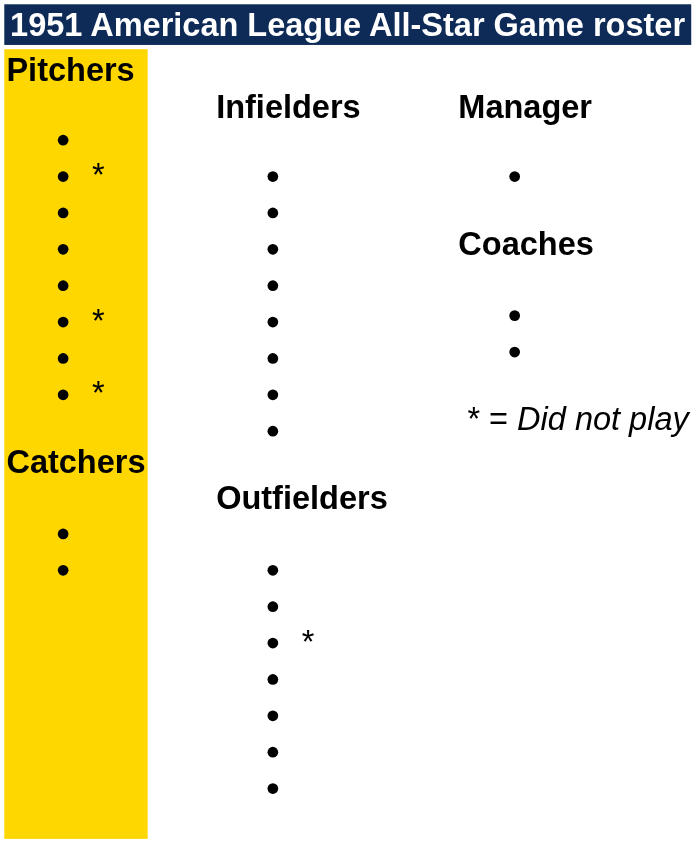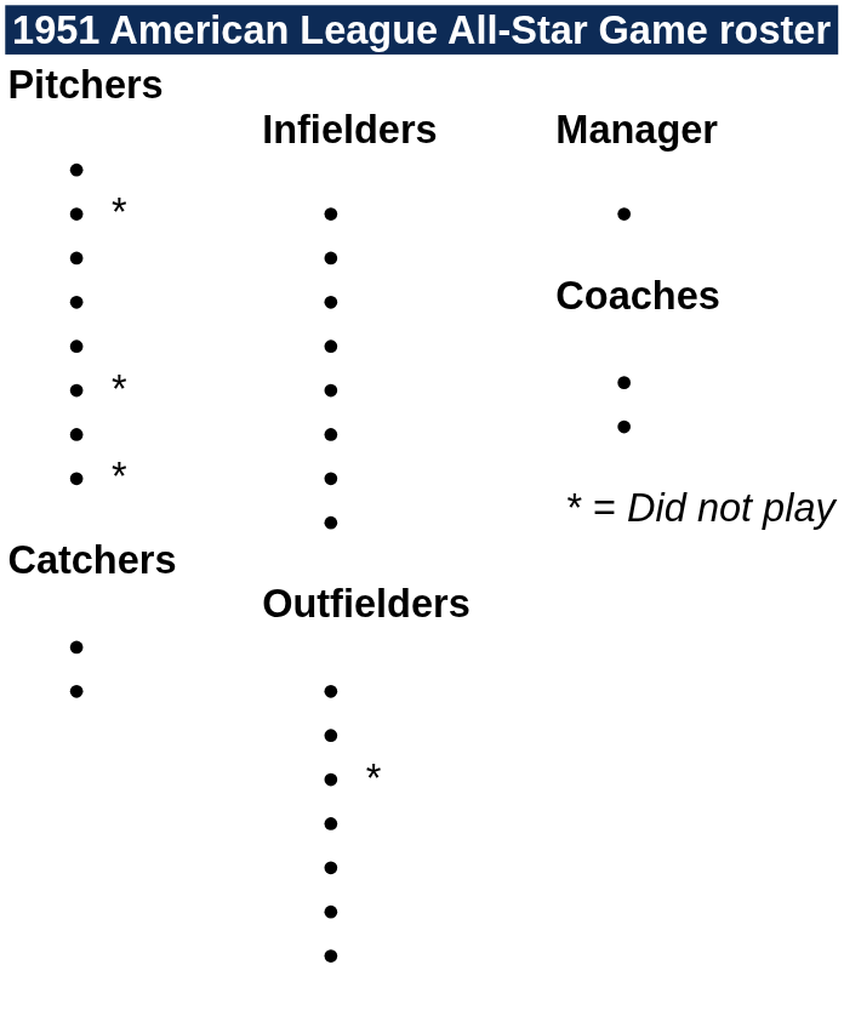 <table class="toccolours" style="font-size: 95%;">
 <tr>
 <th colspan=10 style="background-color:  #0d2b56; color: #FFFFFF; text-align: center;">1951 American League All-Star Game roster</th>
 </tr>
 <tr>
-<td valign="top" style="background: gold;"><strong>Pitchers</strong><br><ul><li></li><li> *</li><li></li><li></li><li></li><li> *</li><li></li><li> *</li></ul><strong>Catchers</strong><ul><li></li><li></li></ul></td>
+<td valign="top"><strong>Pitchers</strong><br><ul><li></li><li> *</li><li></li><li></li><li></li><li> *</li><li></li><li> *</li></ul><strong>Catchers</strong><ul><li></li><li></li></ul></td>
 <td width="25px"></td>
 <td valign="top"><br><strong>Infielders</strong><ul><li></li><li></li><li></li><li></li><li></li><li></li><li></li><li></li></ul><strong>Outfielders</strong><ul><li></li><li></li><li> *</li><li></li><li></li><li></li><li></li></ul></td>
 <td width="25px"></td>
 <td valign="top"><br><strong>Manager</strong><ul><li></li></ul><strong>Coaches</strong><ul><li></li><li></li></ul> * = <em>Did not play</em></td>
 </tr>
 <tr>
 </tr>
 </table>
